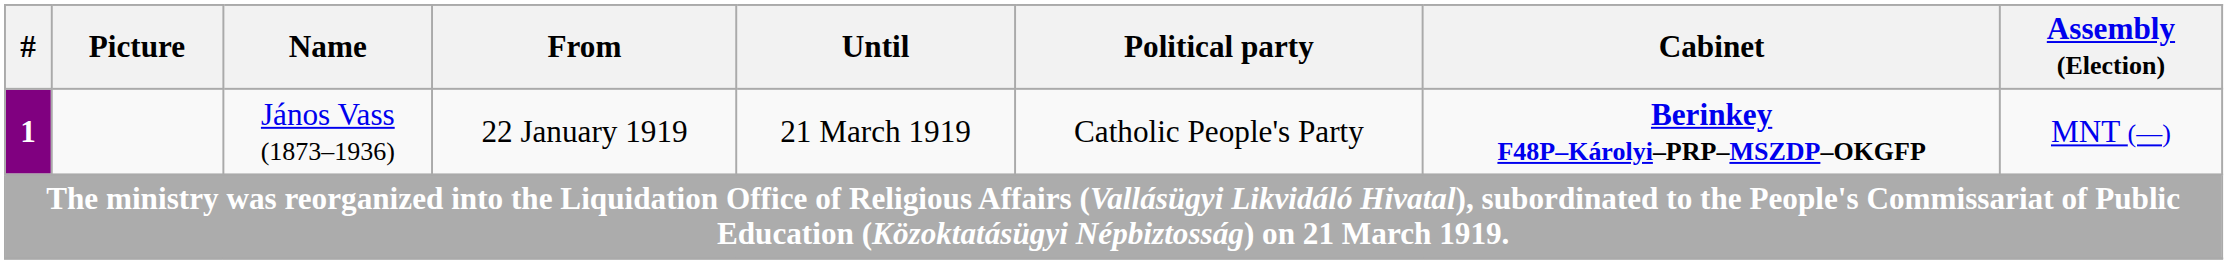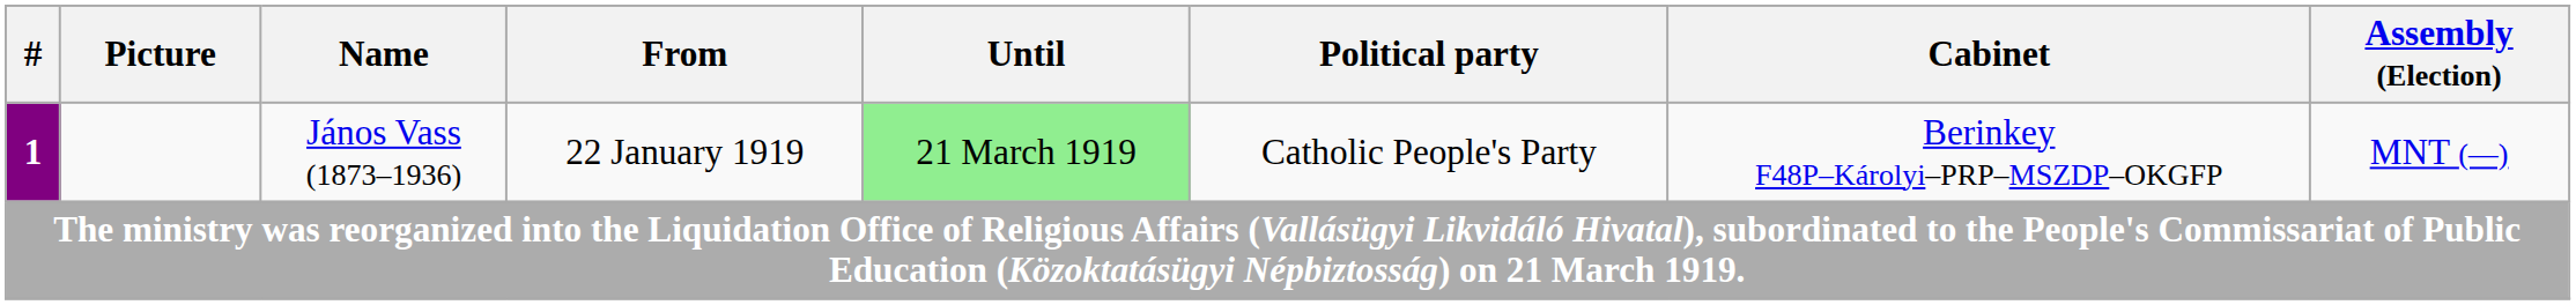 <table width=90% class="wikitable" style="text-align:center">
 <tr>
 <th>#</th>
 <th>Picture</th>
 <th>Name</th>
 <th>From</th>
 <th>Until</th>
 <th>Political party</th>
 <th>Cabinet</th>
 <th><a href='#'>Assembly</a><br><small>(Election)</small></th>
 </tr>
 <tr>
 <th style="background-color:#800080; color:white">1</th>
 <td></td>
 <td><a href='#'>János Vass</a><br><small>(1873–1936)</small></td>
 <td>22 January 1919</td>
-<td>21 March 1919</td>
+<td style="background: lightgreen;">21 March 1919</td>
 <td>Catholic People's Party</td>
-<td><strong><a href='#'>Berinkey</a><br><small><a href='#'>F48P–Károlyi</a>–PRP–<a href='#'>MSZDP</a>–OKGFP</small></strong></td>
+<td><a href='#'>Berinkey</a><br><small><a href='#'>F48P–Károlyi</a>–PRP–<a href='#'>MSZDP</a>–OKGFP</small></td>
 <td><a href='#'>MNT <small>(—)</small></a></td>
 </tr>
 <tr>
 <th colspan="8" style="background-color:#ACACAC; color:white">The ministry was reorganized into the Liquidation Office of Religious Affairs (<em>Vallásügyi Likvidáló Hivatal</em>), subordinated to the People's Commissariat of Public Education (<em>Közoktatásügyi Népbiztosság</em>) on 21 March 1919.</th>
 </tr>
 <tr>
 </tr>
 </table>
